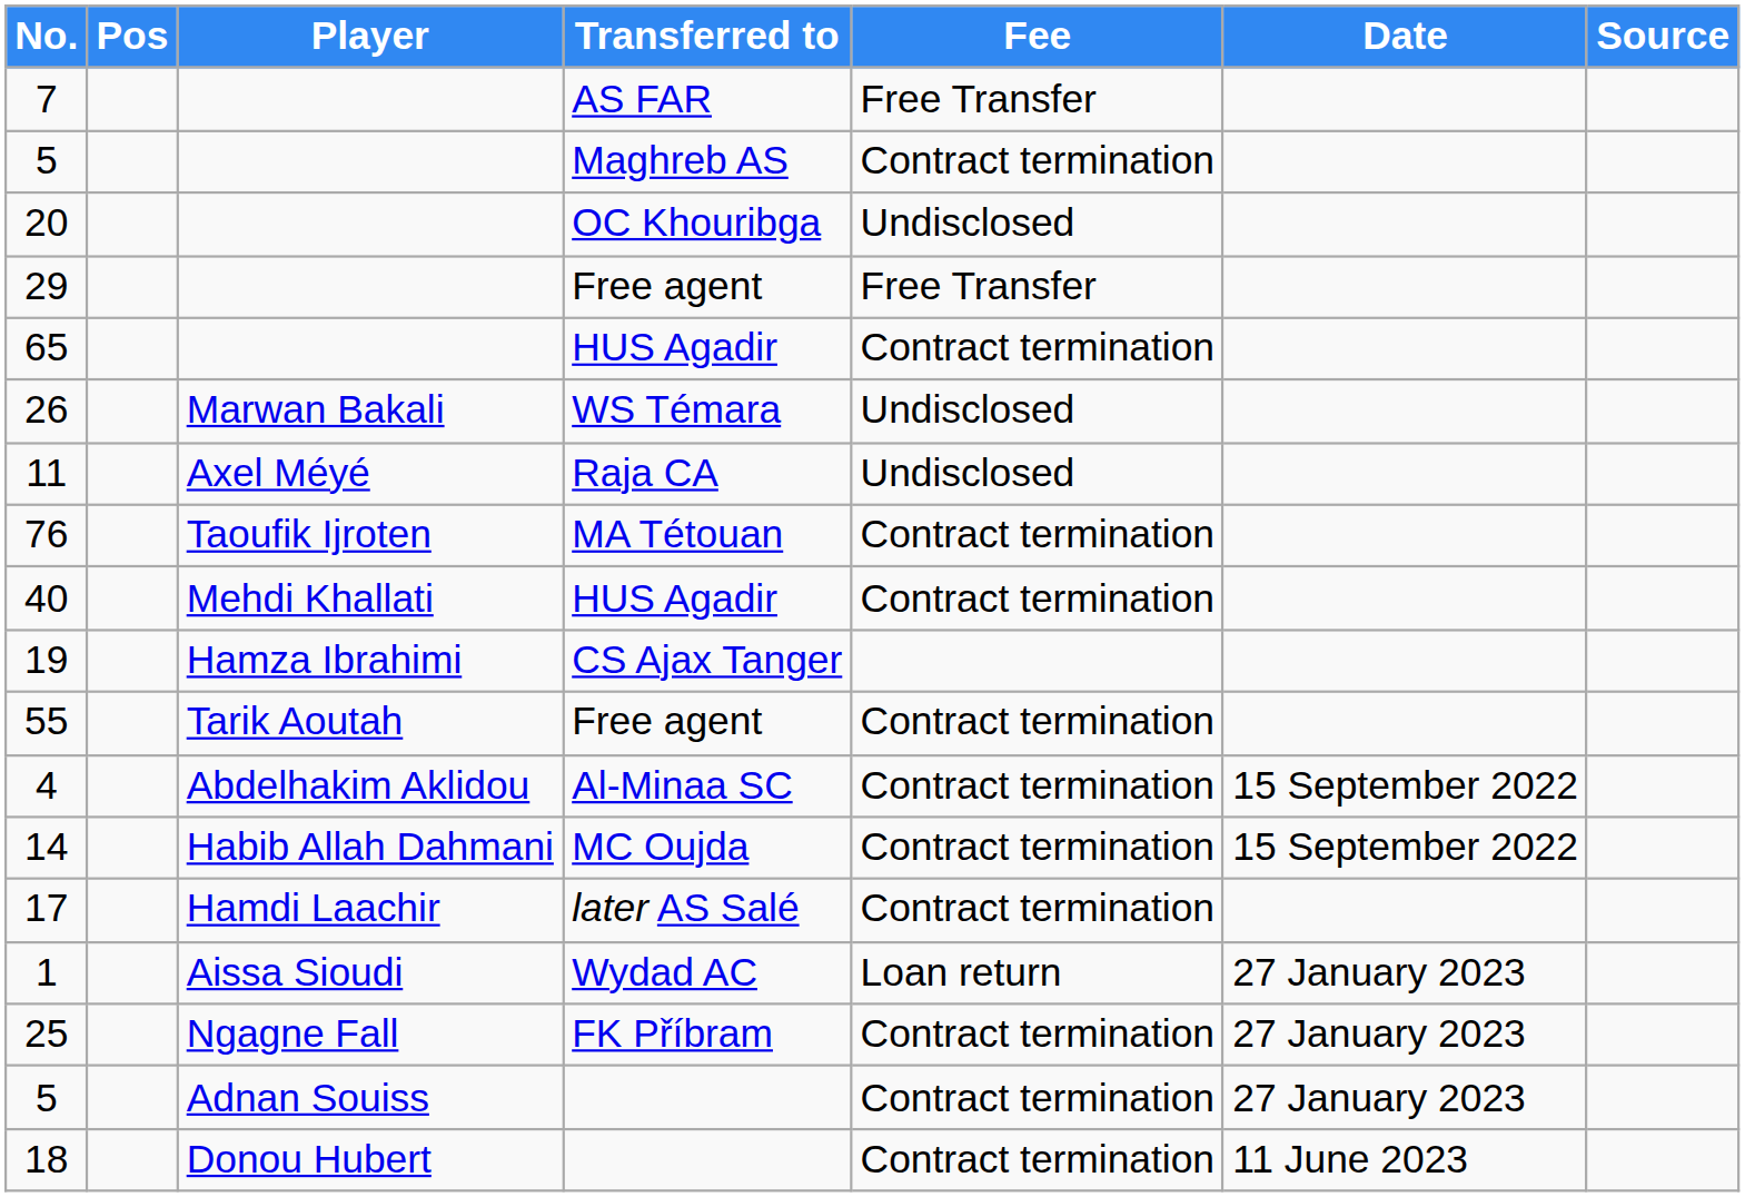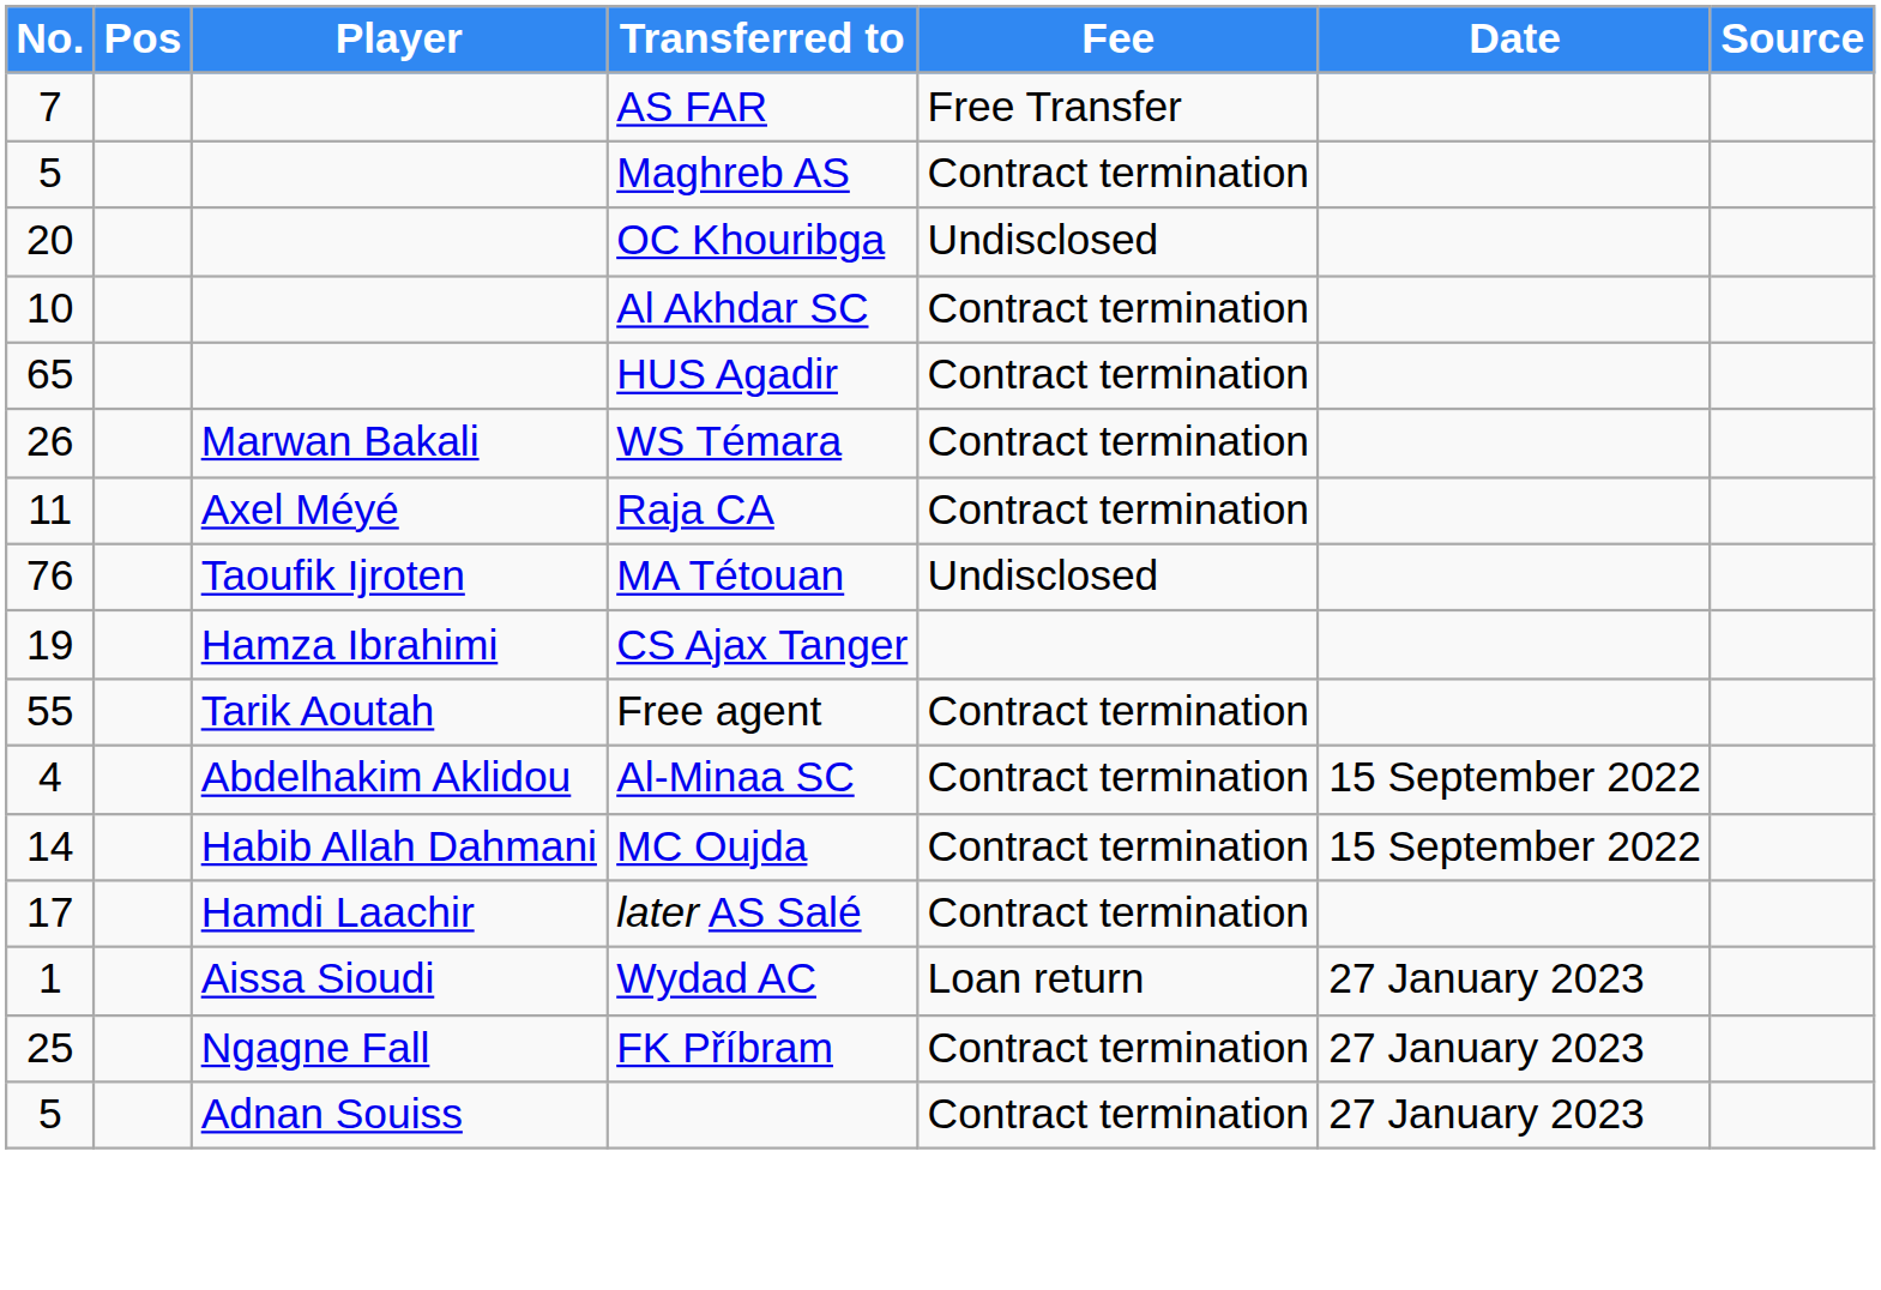 <table class="wikitable plainrowheaders sortable">
 <tr>
 <th style="background:#3088f2; color:#ffffff; ">No.</th>
 <th style="background:#3088f2; color:#ffffff; ">Pos</th>
 <th style="background:#3088f2; color:#ffffff; ">Player</th>
 <th style="background:#3088f2; color:#ffffff; ">Transferred to</th>
 <th style="background:#3088f2; color:#ffffff; ">Fee</th>
 <th style="background:#3088f2; color:#ffffff; ">Date</th>
 <th style="background:#3088f2; color:#ffffff; ">Source</th>
 </tr>
 <tr>
 <td align=center>7</td>
 <td align=center></td>
 <td></td>
 <td><a href='#'>AS FAR</a></td>
 <td>Free Transfer</td>
 <td></td>
 <td></td>
 </tr>
 <tr>
 <td align=center>5</td>
 <td align=center></td>
 <td></td>
 <td><a href='#'>Maghreb AS</a></td>
 <td>Contract termination</td>
 <td></td>
 <td></td>
 </tr>
 <tr>
 <td align=center>20</td>
 <td align=center></td>
 <td></td>
 <td><a href='#'>OC Khouribga</a></td>
 <td>Undisclosed</td>
 <td></td>
 <td></td>
 </tr>
 <tr>
-<td align=center>29</td>
+<td align=center>10</td>
 <td align=center></td>
 <td></td>
-<td>Free agent</td>
-<td>Free Transfer</td>
+<td> <a href='#'>Al Akhdar SC</a></td>
+<td>Contract termination</td>
 <td></td>
 <td></td>
 </tr>
 <tr>
 <td align=center>65</td>
 <td align=center></td>
 <td></td>
 <td><a href='#'>HUS Agadir</a></td>
 <td>Contract termination</td>
 <td></td>
 <td></td>
 </tr>
 <tr>
 <td align=center>26</td>
 <td align=center></td>
 <td> <a href='#'>Marwan Bakali</a></td>
 <td><a href='#'>WS Témara</a></td>
-<td>Undisclosed</td>
+<td>Contract termination</td>
 <td></td>
 <td></td>
 </tr>
 <tr>
 <td align=center>11</td>
 <td align=center></td>
 <td> <a href='#'>Axel Méyé</a></td>
 <td><a href='#'>Raja CA</a></td>
-<td>Undisclosed</td>
+<td>Contract termination</td>
 <td></td>
 <td></td>
 </tr>
 <tr>
 <td align=center>76</td>
 <td align=center></td>
 <td> <a href='#'>Taoufik Ijroten</a></td>
 <td><a href='#'>MA Tétouan</a></td>
-<td>Contract termination</td>
-<td></td>
-<td></td>
-</tr>
-<tr>
-<td align=center>40</td>
-<td align=center></td>
-<td> <a href='#'>Mehdi Khallati</a></td>
-<td><a href='#'>HUS Agadir</a></td>
-<td>Contract termination</td>
+<td>Undisclosed</td>
 <td></td>
 <td></td>
 </tr>
 <tr>
 <td align=center>19</td>
 <td align=center></td>
 <td> <a href='#'>Hamza Ibrahimi</a></td>
 <td><a href='#'>CS Ajax Tanger</a></td>
 <td></td>
 <td></td>
 <td></td>
 </tr>
 <tr>
 <td align=center>55</td>
 <td align=center></td>
 <td> <a href='#'>Tarik Aoutah</a></td>
 <td>Free agent</td>
 <td>Contract termination</td>
 <td></td>
 <td></td>
 </tr>
 <tr>
 <td align=center>4</td>
 <td align=center></td>
 <td> <a href='#'>Abdelhakim Aklidou</a></td>
 <td> <a href='#'>Al-Minaa SC</a></td>
 <td>Contract termination</td>
 <td>15 September 2022</td>
 <td></td>
 </tr>
 <tr>
 <td align=center>14</td>
 <td align=center></td>
 <td> <a href='#'>Habib Allah Dahmani</a></td>
 <td><a href='#'>MC Oujda</a></td>
 <td>Contract termination</td>
 <td>15 September 2022</td>
 <td></td>
 </tr>
 <tr>
 <td align=center>17</td>
 <td align=center></td>
 <td> <a href='#'>Hamdi Laachir</a></td>
 <td><em>later</em> <a href='#'>AS Salé</a></td>
 <td>Contract termination</td>
 <td></td>
 <td></td>
 </tr>
 <tr>
 <td align=center>1</td>
 <td align=center></td>
 <td> <a href='#'>Aissa Sioudi</a></td>
 <td><a href='#'>Wydad AC</a></td>
 <td>Loan return</td>
 <td>27 January 2023</td>
 <td></td>
 </tr>
 <tr>
 <td align=center>25</td>
 <td align=center></td>
 <td> <a href='#'>Ngagne Fall</a></td>
 <td> <a href='#'>FK Příbram</a></td>
 <td>Contract termination</td>
 <td>27 January 2023</td>
 <td></td>
 </tr>
 <tr>
 <td align=center>5</td>
 <td align=center></td>
 <td> <a href='#'>Adnan Souiss</a></td>
 <td></td>
 <td>Contract termination</td>
 <td>27 January 2023</td>
 <td></td>
 </tr>
-<tr>
-<td align=center>18</td>
-<td align=center></td>
-<td> <a href='#'>Donou Hubert</a></td>
-<td></td>
-<td>Contract termination</td>
-<td>11 June 2023</td>
-<td></td>
-</tr>
 </table>
